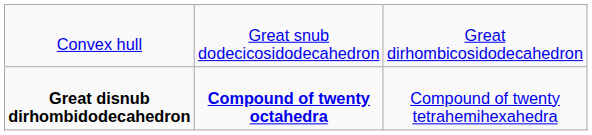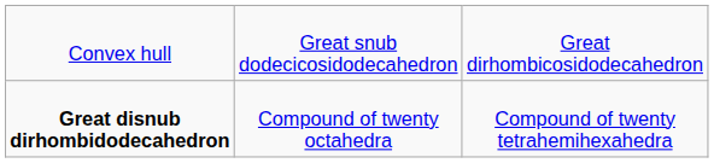 <table class="wikitable" width="400" style="vertical-align:top;text-align:center">
 <tr>
 <td><br><a href='#'>Convex hull</a></td>
 <td><br><a href='#'>Great snub dodecicosidodecahedron</a></td>
 <td><br><a href='#'>Great dirhombicosidodecahedron</a></td>
 </tr>
 <tr>
 <td><br><strong>Great disnub dirhombidodecahedron</strong></td>
-<td><strong><br><a href='#'>Compound of twenty octahedra</a></strong></td>
+<td><br><a href='#'>Compound of twenty octahedra</a></td>
 <td><br><a href='#'>Compound of twenty tetrahemihexahedra</a></td>
 </tr>
 </table>
